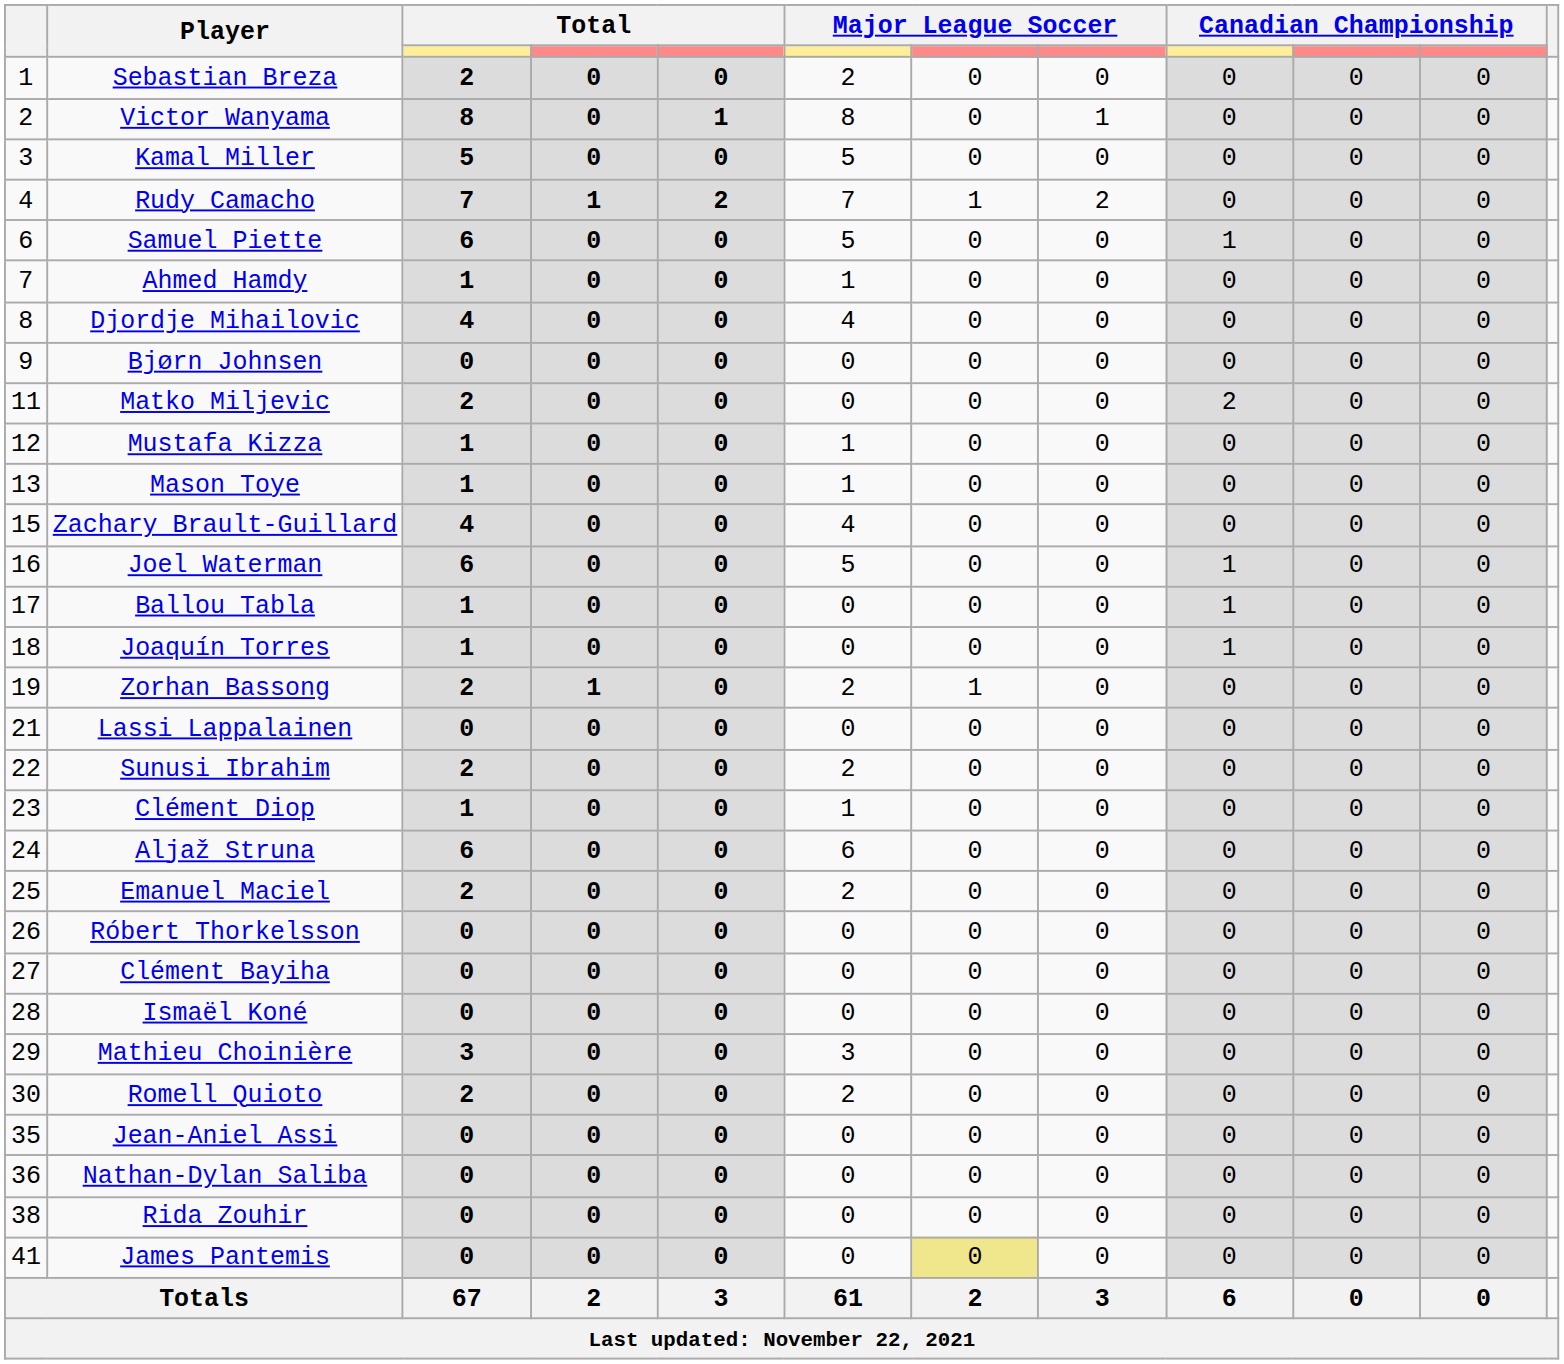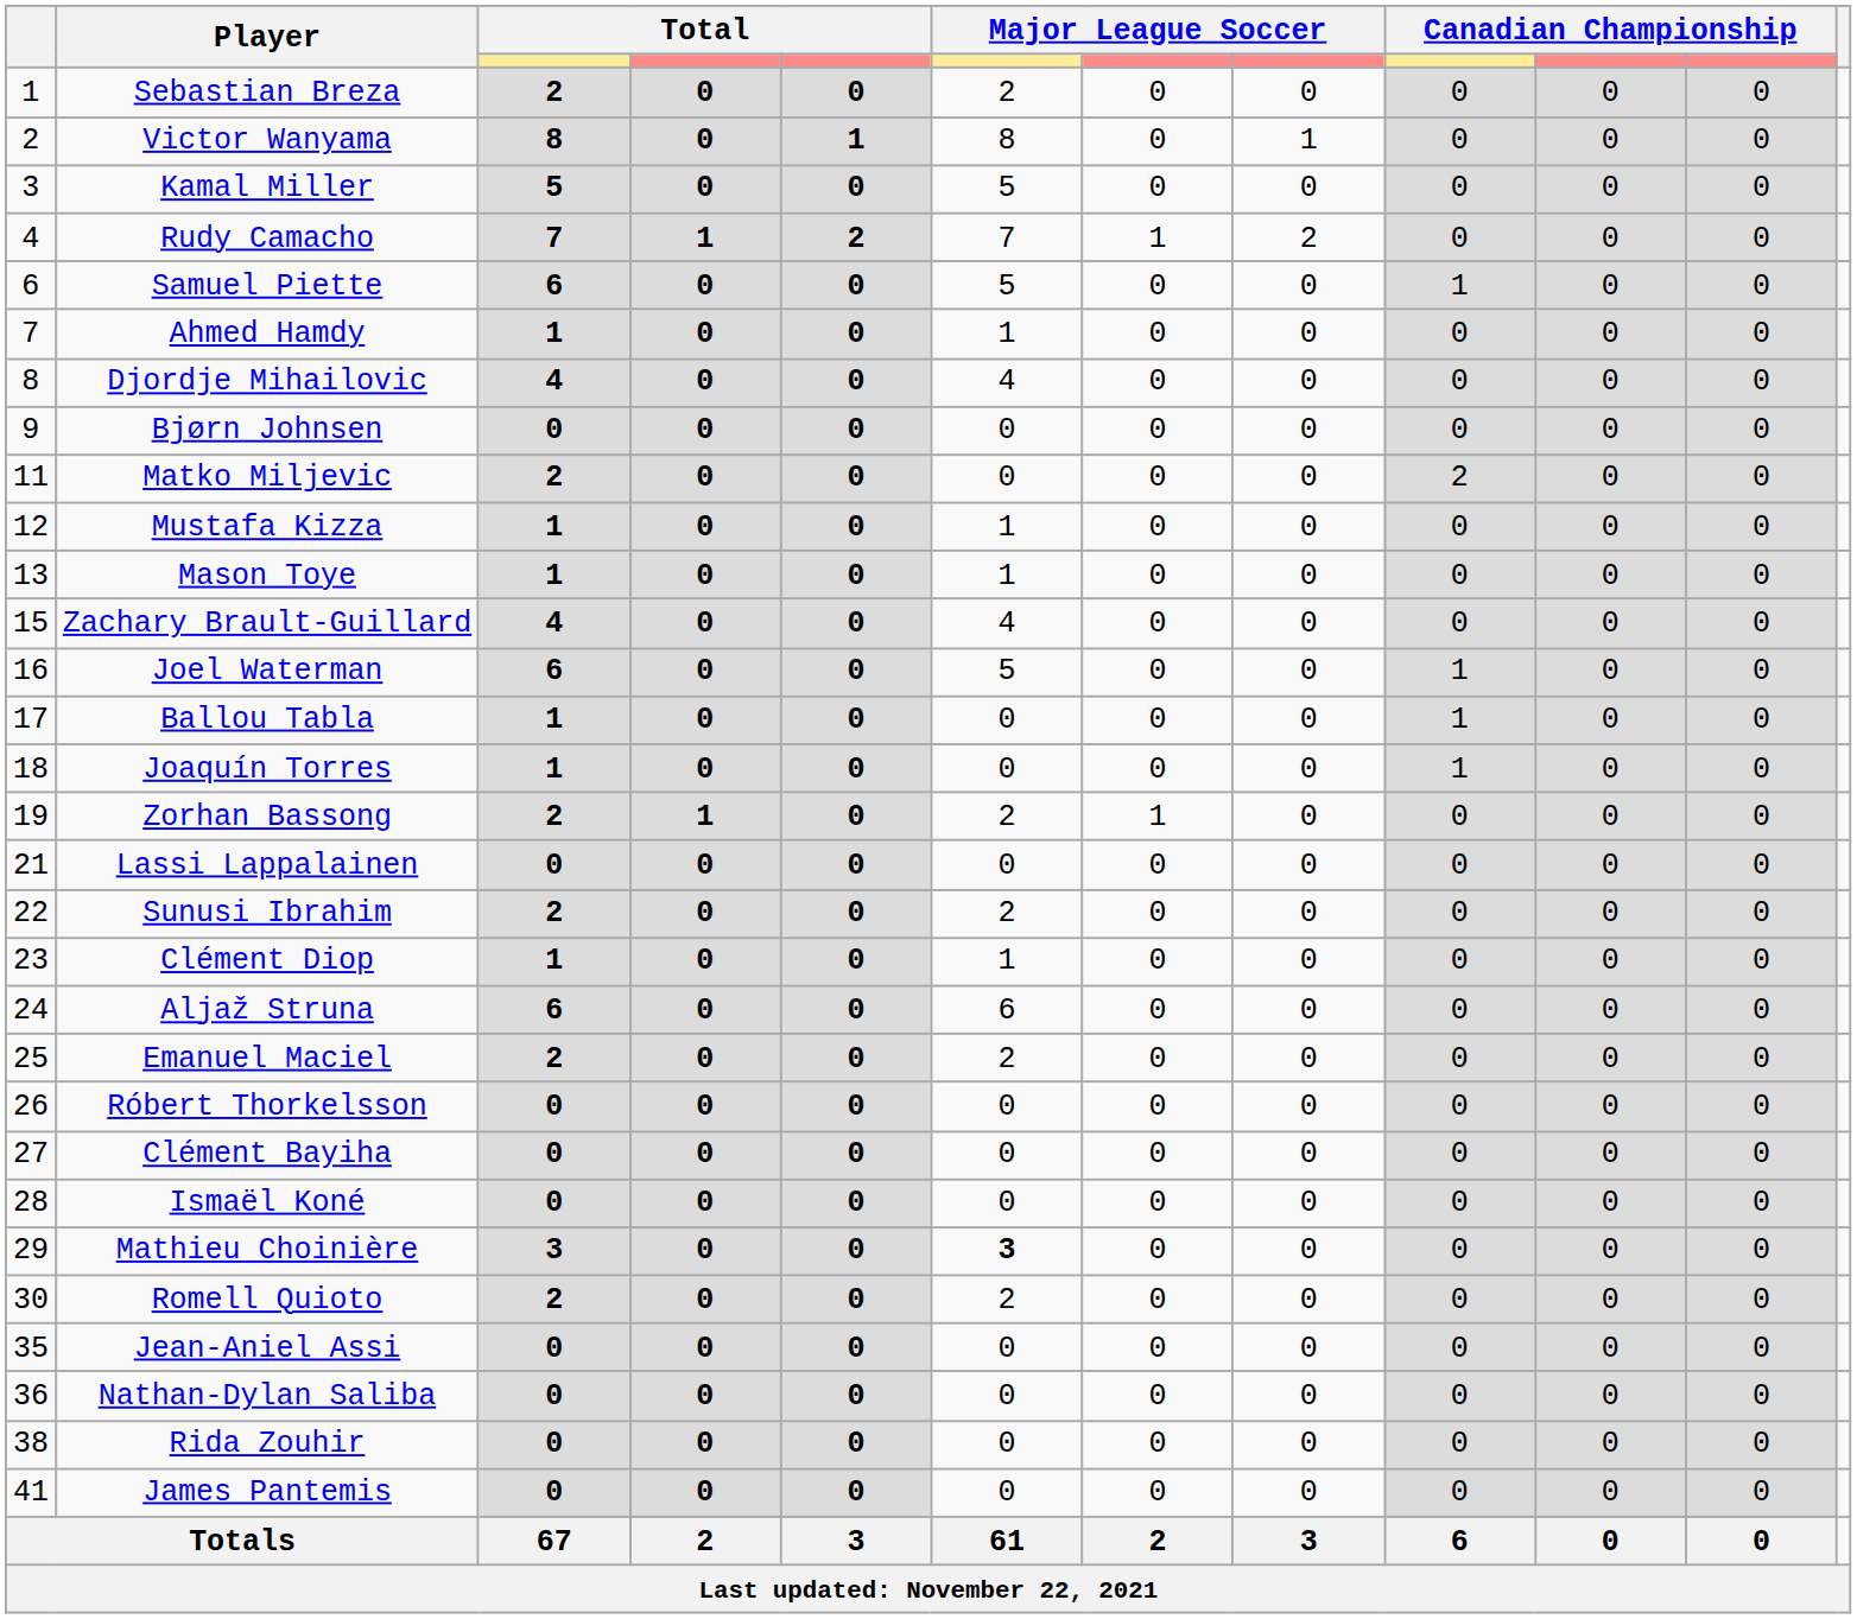 <table class="wikitable" style="text-align:center;">
 <tr style="text-align:center;">
 <th rowspan="2"></th>
 <th rowspan="2">Player</th>
 <th colspan="3">Total</th>
 <th colspan="3"><a href='#'>Major League Soccer</a></th>
 <th colspan="3"><a href='#'>Canadian Championship</a></th>
 <th rowspan="2"></th>
 </tr>
 <tr>
 <th style="width:60px; background:#fe9;"></th>
 <th style="width:60px; background:#ff8888;"></th>
 <th style="width:60px; background:#ff8888;"></th>
 <th style="width:60px; background:#fe9;"></th>
 <th style="width:60px; background:#ff8888;"></th>
 <th style="width:60px; background:#ff8888;"></th>
 <th style="width:60px; background:#fe9;"></th>
 <th style="width:60px; background:#ff8888;"></th>
 <th style="width:60px; background:#ff8888;"></th>
 </tr>
 <tr>
 <td>1</td>
 <td><a href='#'>Sebastian Breza</a></td>
 <td style="background:#DCDCDC"><strong>2</strong> </td>
 <td style="background:#DCDCDC"><strong>0</strong> </td>
 <td style="background:#DCDCDC"><strong>0</strong> </td>
 <td>2 </td>
 <td>0 </td>
 <td>0 </td>
 <td style="background:#DCDCDC">0 </td>
 <td style="background:#DCDCDC">0 </td>
 <td style="background:#DCDCDC">0 </td>
 <td></td>
 </tr>
 <tr>
 <td>2</td>
 <td><a href='#'>Victor Wanyama</a></td>
 <td style="background:#DCDCDC"><strong>8</strong> </td>
 <td style="background:#DCDCDC"><strong>0</strong> </td>
 <td style="background:#DCDCDC"><strong>1</strong> </td>
 <td>8 </td>
 <td>0 </td>
 <td>1 </td>
 <td style="background:#DCDCDC">0 </td>
 <td style="background:#DCDCDC">0 </td>
 <td style="background:#DCDCDC">0 </td>
 <td></td>
 </tr>
 <tr>
 <td>3</td>
 <td><a href='#'>Kamal Miller</a></td>
 <td style="background:#DCDCDC"><strong>5</strong> </td>
 <td style="background:#DCDCDC"><strong>0</strong> </td>
 <td style="background:#DCDCDC"><strong>0</strong> </td>
 <td>5 </td>
 <td>0 </td>
 <td>0 </td>
 <td style="background:#DCDCDC">0 </td>
 <td style="background:#DCDCDC">0 </td>
 <td style="background:#DCDCDC">0 </td>
 <td></td>
 </tr>
 <tr>
 <td>4</td>
 <td><a href='#'>Rudy Camacho</a></td>
 <td style="background:#DCDCDC"><strong>7</strong> </td>
 <td style="background:#DCDCDC"><strong>1</strong> </td>
 <td style="background:#DCDCDC"><strong>2</strong> </td>
 <td>7 </td>
 <td>1 </td>
 <td>2 </td>
 <td style="background:#DCDCDC">0 </td>
 <td style="background:#DCDCDC">0 </td>
 <td style="background:#DCDCDC">0 </td>
 <td></td>
 </tr>
 <tr>
 <td>6</td>
 <td><a href='#'>Samuel Piette</a></td>
 <td style="background:#DCDCDC"><strong>6</strong> </td>
 <td style="background:#DCDCDC"><strong>0</strong> </td>
 <td style="background:#DCDCDC"><strong>0</strong> </td>
 <td>5 </td>
 <td>0 </td>
 <td>0 </td>
 <td style="background:#DCDCDC">1 </td>
 <td style="background:#DCDCDC">0 </td>
 <td style="background:#DCDCDC">0 </td>
 <td></td>
 </tr>
 <tr>
 <td>7</td>
 <td><a href='#'>Ahmed Hamdy</a></td>
 <td style="background:#DCDCDC"><strong>1</strong> </td>
 <td style="background:#DCDCDC"><strong>0</strong> </td>
 <td style="background:#DCDCDC"><strong>0</strong> </td>
 <td>1 </td>
 <td>0 </td>
 <td>0 </td>
 <td style="background:#DCDCDC">0 </td>
 <td style="background:#DCDCDC">0 </td>
 <td style="background:#DCDCDC">0 </td>
 <td></td>
 </tr>
 <tr>
 <td>8</td>
 <td><a href='#'>Djordje Mihailovic</a></td>
 <td style="background:#DCDCDC"><strong>4</strong> </td>
 <td style="background:#DCDCDC"><strong>0</strong> </td>
 <td style="background:#DCDCDC"><strong>0</strong> </td>
 <td>4 </td>
 <td>0 </td>
 <td>0 </td>
 <td style="background:#DCDCDC">0 </td>
 <td style="background:#DCDCDC">0 </td>
 <td style="background:#DCDCDC">0 </td>
 <td></td>
 </tr>
 <tr>
 <td>9</td>
 <td><a href='#'>Bjørn Johnsen</a></td>
 <td style="background:#DCDCDC"><strong>0</strong> </td>
 <td style="background:#DCDCDC"><strong>0</strong> </td>
 <td style="background:#DCDCDC"><strong>0</strong> </td>
 <td>0 </td>
 <td>0 </td>
 <td>0 </td>
 <td style="background:#DCDCDC">0 </td>
 <td style="background:#DCDCDC">0 </td>
 <td style="background:#DCDCDC">0 </td>
 <td></td>
 </tr>
 <tr>
 <td>11</td>
 <td><a href='#'>Matko Miljevic</a></td>
 <td style="background:#DCDCDC"><strong>2</strong> </td>
 <td style="background:#DCDCDC"><strong>0</strong> </td>
 <td style="background:#DCDCDC"><strong>0</strong> </td>
 <td>0 </td>
 <td>0 </td>
 <td>0 </td>
 <td style="background:#DCDCDC">2 </td>
 <td style="background:#DCDCDC">0 </td>
 <td style="background:#DCDCDC">0 </td>
 <td></td>
 </tr>
 <tr>
 <td>12</td>
 <td><a href='#'>Mustafa Kizza</a></td>
 <td style="background:#DCDCDC"><strong>1</strong> </td>
 <td style="background:#DCDCDC"><strong>0</strong> </td>
 <td style="background:#DCDCDC"><strong>0</strong> </td>
 <td>1 </td>
 <td>0 </td>
 <td>0 </td>
 <td style="background:#DCDCDC">0 </td>
 <td style="background:#DCDCDC">0 </td>
 <td style="background:#DCDCDC">0 </td>
 <td></td>
 </tr>
 <tr>
 <td>13</td>
 <td><a href='#'>Mason Toye</a></td>
 <td style="background:#DCDCDC"><strong>1</strong> </td>
 <td style="background:#DCDCDC"><strong>0</strong> </td>
 <td style="background:#DCDCDC"><strong>0</strong> </td>
 <td>1 </td>
 <td>0 </td>
 <td>0 </td>
 <td style="background:#DCDCDC">0 </td>
 <td style="background:#DCDCDC">0 </td>
 <td style="background:#DCDCDC">0 </td>
 <td></td>
 </tr>
 <tr>
 <td>15</td>
 <td><a href='#'>Zachary Brault-Guillard</a></td>
 <td style="background:#DCDCDC"><strong>4</strong> </td>
 <td style="background:#DCDCDC"><strong>0</strong> </td>
 <td style="background:#DCDCDC"><strong>0</strong> </td>
 <td>4 </td>
 <td>0 </td>
 <td>0 </td>
 <td style="background:#DCDCDC">0 </td>
 <td style="background:#DCDCDC">0 </td>
 <td style="background:#DCDCDC">0 </td>
 <td></td>
 </tr>
 <tr>
 <td>16</td>
 <td><a href='#'>Joel Waterman</a></td>
 <td style="background:#DCDCDC"><strong>6</strong> </td>
 <td style="background:#DCDCDC"><strong>0</strong> </td>
 <td style="background:#DCDCDC"><strong>0</strong> </td>
 <td>5 </td>
 <td>0 </td>
 <td>0 </td>
 <td style="background:#DCDCDC">1 </td>
 <td style="background:#DCDCDC">0 </td>
 <td style="background:#DCDCDC">0 </td>
 <td></td>
 </tr>
 <tr>
 <td>17</td>
 <td><a href='#'>Ballou Tabla</a></td>
 <td style="background:#DCDCDC"><strong>1</strong> </td>
 <td style="background:#DCDCDC"><strong>0</strong> </td>
 <td style="background:#DCDCDC"><strong>0</strong> </td>
 <td>0 </td>
 <td>0 </td>
 <td>0 </td>
 <td style="background:#DCDCDC">1 </td>
 <td style="background:#DCDCDC">0 </td>
 <td style="background:#DCDCDC">0 </td>
 <td></td>
 </tr>
 <tr>
 <td>18</td>
 <td><a href='#'>Joaquín Torres</a></td>
 <td style="background:#DCDCDC"><strong>1</strong> </td>
 <td style="background:#DCDCDC"><strong>0</strong> </td>
 <td style="background:#DCDCDC"><strong>0</strong> </td>
 <td>0 </td>
 <td>0 </td>
 <td>0 </td>
 <td style="background:#DCDCDC">1 </td>
 <td style="background:#DCDCDC">0 </td>
 <td style="background:#DCDCDC">0 </td>
 <td></td>
 </tr>
 <tr>
 <td>19</td>
 <td><a href='#'>Zorhan Bassong</a></td>
 <td style="background:#DCDCDC"><strong>2</strong> </td>
 <td style="background:#DCDCDC"><strong>1</strong> </td>
 <td style="background:#DCDCDC"><strong>0</strong> </td>
 <td>2 </td>
 <td>1 </td>
 <td>0 </td>
 <td style="background:#DCDCDC">0 </td>
 <td style="background:#DCDCDC">0 </td>
 <td style="background:#DCDCDC">0 </td>
 <td></td>
 </tr>
 <tr>
 <td>21</td>
 <td><a href='#'>Lassi Lappalainen</a></td>
 <td style="background:#DCDCDC"><strong>0</strong> </td>
 <td style="background:#DCDCDC"><strong>0</strong> </td>
 <td style="background:#DCDCDC"><strong>0</strong> </td>
 <td>0 </td>
 <td>0 </td>
 <td>0 </td>
 <td style="background:#DCDCDC">0 </td>
 <td style="background:#DCDCDC">0 </td>
 <td style="background:#DCDCDC">0 </td>
 <td></td>
 </tr>
 <tr>
 <td>22</td>
 <td><a href='#'>Sunusi Ibrahim</a></td>
 <td style="background:#DCDCDC"><strong>2</strong> </td>
 <td style="background:#DCDCDC"><strong>0</strong> </td>
 <td style="background:#DCDCDC"><strong>0</strong> </td>
 <td>2 </td>
 <td>0 </td>
 <td>0 </td>
 <td style="background:#DCDCDC">0 </td>
 <td style="background:#DCDCDC">0 </td>
 <td style="background:#DCDCDC">0 </td>
 <td></td>
 </tr>
 <tr>
 <td>23</td>
 <td><a href='#'>Clément Diop</a></td>
 <td style="background:#DCDCDC"><strong>1</strong> </td>
 <td style="background:#DCDCDC"><strong>0</strong> </td>
 <td style="background:#DCDCDC"><strong>0</strong> </td>
 <td>1 </td>
 <td>0 </td>
 <td>0 </td>
 <td style="background:#DCDCDC">0 </td>
 <td style="background:#DCDCDC">0 </td>
 <td style="background:#DCDCDC">0 </td>
 <td></td>
 </tr>
 <tr>
 <td>24</td>
 <td><a href='#'>Aljaž Struna</a></td>
 <td style="background:#DCDCDC"><strong>6</strong> </td>
 <td style="background:#DCDCDC"><strong>0</strong> </td>
 <td style="background:#DCDCDC"><strong>0</strong> </td>
 <td>6 </td>
 <td>0 </td>
 <td>0 </td>
 <td style="background:#DCDCDC">0 </td>
 <td style="background:#DCDCDC">0 </td>
 <td style="background:#DCDCDC">0 </td>
 <td></td>
 </tr>
 <tr>
 <td>25</td>
 <td><a href='#'>Emanuel Maciel</a></td>
 <td style="background:#DCDCDC"><strong>2</strong> </td>
 <td style="background:#DCDCDC"><strong>0</strong> </td>
 <td style="background:#DCDCDC"><strong>0</strong> </td>
 <td>2 </td>
 <td>0 </td>
 <td>0 </td>
 <td style="background:#DCDCDC">0 </td>
 <td style="background:#DCDCDC">0 </td>
 <td style="background:#DCDCDC">0 </td>
 <td></td>
 </tr>
 <tr>
 <td>26</td>
 <td><a href='#'>Róbert Thorkelsson</a></td>
 <td style="background:#DCDCDC"><strong>0</strong> </td>
 <td style="background:#DCDCDC"><strong>0</strong> </td>
 <td style="background:#DCDCDC"><strong>0</strong> </td>
 <td>0 </td>
 <td>0 </td>
 <td>0 </td>
 <td style="background:#DCDCDC">0 </td>
 <td style="background:#DCDCDC">0 </td>
 <td style="background:#DCDCDC">0 </td>
 <td></td>
 </tr>
 <tr>
 <td>27</td>
 <td><a href='#'>Clément Bayiha</a></td>
 <td style="background:#DCDCDC"><strong>0</strong> </td>
 <td style="background:#DCDCDC"><strong>0</strong> </td>
 <td style="background:#DCDCDC"><strong>0</strong> </td>
 <td>0 </td>
 <td>0 </td>
 <td>0 </td>
 <td style="background:#DCDCDC">0 </td>
 <td style="background:#DCDCDC">0 </td>
 <td style="background:#DCDCDC">0 </td>
 <td></td>
 </tr>
 <tr>
 <td>28</td>
 <td><a href='#'>Ismaël Koné</a></td>
 <td style="background:#DCDCDC"><strong>0</strong> </td>
 <td style="background:#DCDCDC"><strong>0</strong> </td>
 <td style="background:#DCDCDC"><strong>0</strong> </td>
 <td>0 </td>
 <td>0 </td>
 <td>0 </td>
 <td style="background:#DCDCDC">0 </td>
 <td style="background:#DCDCDC">0 </td>
 <td style="background:#DCDCDC">0 </td>
 <td></td>
 </tr>
 <tr>
 <td>29</td>
 <td><a href='#'>Mathieu Choinière</a></td>
 <td style="background:#DCDCDC"><strong>3</strong> </td>
 <td style="background:#DCDCDC"><strong>0</strong> </td>
 <td style="background:#DCDCDC"><strong>0</strong> </td>
-<td>3 </td>
+<td><strong>3 </strong></td>
 <td>0 </td>
 <td>0 </td>
 <td style="background:#DCDCDC">0 </td>
 <td style="background:#DCDCDC">0 </td>
 <td style="background:#DCDCDC">0 </td>
 <td></td>
 </tr>
 <tr>
 <td>30</td>
 <td><a href='#'>Romell Quioto</a></td>
 <td style="background:#DCDCDC"><strong>2</strong> </td>
 <td style="background:#DCDCDC"><strong>0</strong> </td>
 <td style="background:#DCDCDC"><strong>0</strong> </td>
 <td>2 </td>
 <td>0 </td>
 <td>0 </td>
 <td style="background:#DCDCDC">0 </td>
 <td style="background:#DCDCDC">0 </td>
 <td style="background:#DCDCDC">0 </td>
 <td></td>
 </tr>
 <tr>
 <td>35</td>
 <td><a href='#'>Jean-Aniel Assi</a></td>
 <td style="background:#DCDCDC"><strong>0</strong> </td>
 <td style="background:#DCDCDC"><strong>0</strong> </td>
 <td style="background:#DCDCDC"><strong>0</strong> </td>
 <td>0 </td>
 <td>0 </td>
 <td>0 </td>
 <td style="background:#DCDCDC">0 </td>
 <td style="background:#DCDCDC">0 </td>
 <td style="background:#DCDCDC">0 </td>
 <td></td>
 </tr>
 <tr>
 <td>36</td>
 <td><a href='#'>Nathan-Dylan Saliba</a></td>
 <td style="background:#DCDCDC"><strong>0</strong> </td>
 <td style="background:#DCDCDC"><strong>0</strong> </td>
 <td style="background:#DCDCDC"><strong>0</strong> </td>
 <td>0 </td>
 <td>0 </td>
 <td>0 </td>
 <td style="background:#DCDCDC">0 </td>
 <td style="background:#DCDCDC">0 </td>
 <td style="background:#DCDCDC">0 </td>
 <td></td>
 </tr>
 <tr>
 <td>38</td>
 <td><a href='#'>Rida Zouhir</a></td>
 <td style="background:#DCDCDC"><strong>0</strong> </td>
 <td style="background:#DCDCDC"><strong>0</strong> </td>
 <td style="background:#DCDCDC"><strong>0</strong> </td>
 <td>0 </td>
 <td>0 </td>
 <td>0 </td>
 <td style="background:#DCDCDC">0 </td>
 <td style="background:#DCDCDC">0 </td>
 <td style="background:#DCDCDC">0 </td>
 <td></td>
 </tr>
 <tr>
 <td>41</td>
 <td><a href='#'>James Pantemis</a></td>
 <td style="background:#DCDCDC"><strong>0</strong> </td>
 <td style="background:#DCDCDC"><strong>0</strong> </td>
 <td style="background:#DCDCDC"><strong>0</strong> </td>
 <td>0 </td>
-<td style="background: khaki;">0 </td>
+<td>0 </td>
 <td>0 </td>
 <td style="background:#DCDCDC">0 </td>
 <td style="background:#DCDCDC">0 </td>
 <td style="background:#DCDCDC">0 </td>
 <td></td>
 </tr>
 <tr>
 <th colspan="2">Totals</th>
 <th>67 </th>
 <th>2 </th>
 <th>3 </th>
 <th>61 </th>
 <th>2 </th>
 <th>3 </th>
 <th>6 </th>
 <th>0 </th>
 <th>0 </th>
 <td></td>
 </tr>
 <tr>
 <th colspan="20"><small>Last updated: November 22, 2021</small></th>
 </tr>
 </table>
